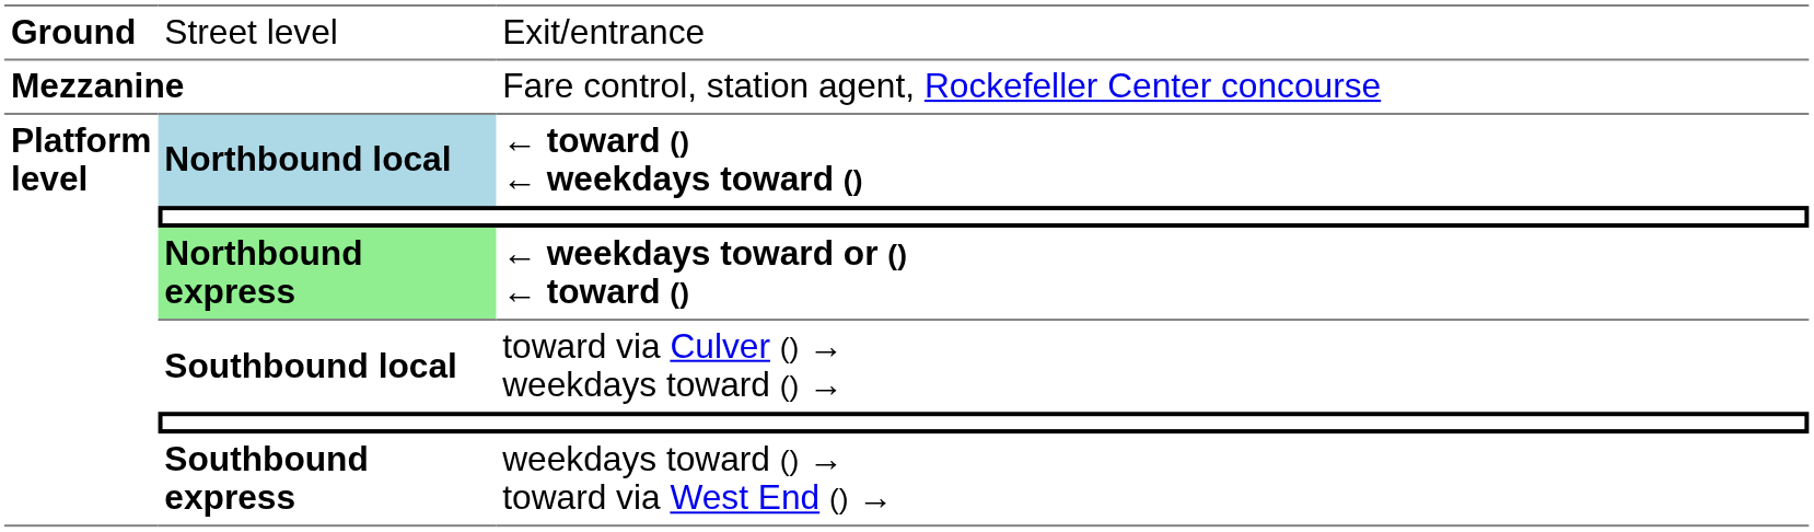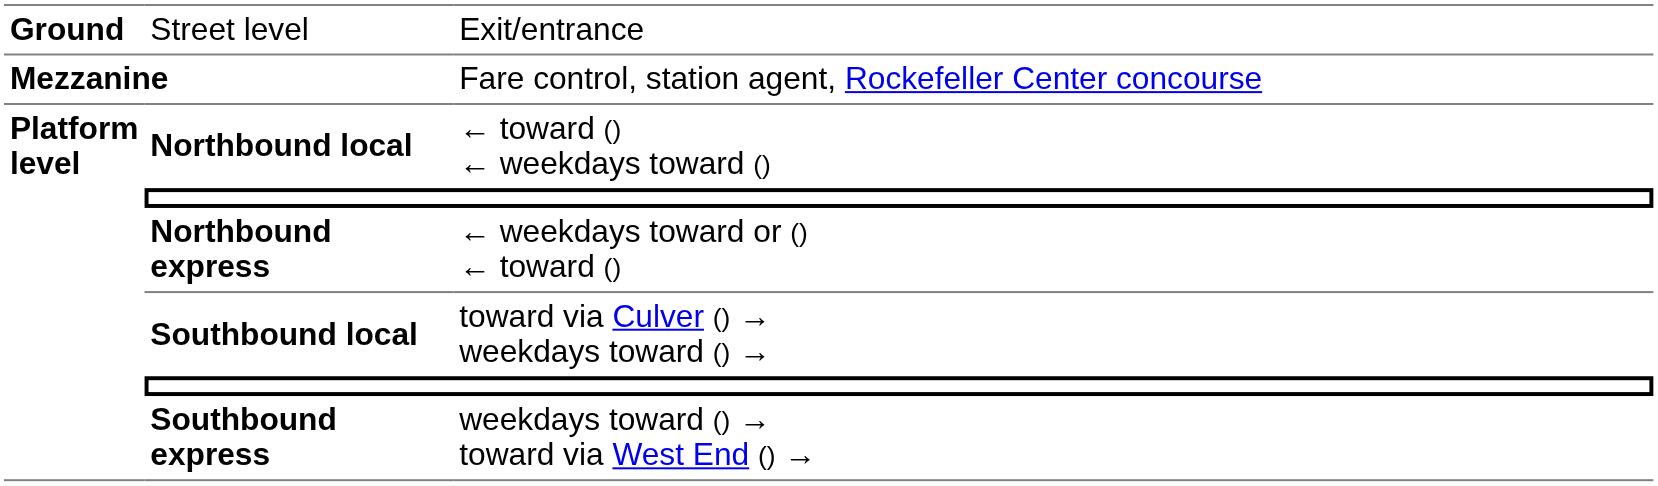 <table border=0 cellspacing=0 cellpadding=3>
 <tr>
 <td style="border-top:solid 1px gray;" width=50><strong>Ground</strong></td>
 <td style="border-top:solid 1px gray;" width=150>Street level</td>
 <td style="border-top:solid 1px gray;" width=600>Exit/entrance</td>
 </tr>
 <tr>
 <td style="border-top:solid 1px gray;" colspan=2><strong>Mezzanine</strong></td>
 <td style="border-top:solid 1px gray;">Fare control, station agent, <a href='#'>Rockefeller Center concourse</a><br></td>
 </tr>
 <tr>
 <td style="border-top:solid 1px gray;border-bottom:solid 1px gray;" rowspan=6 valign=top><strong>Platform<br>level</strong></td>
-<td style="background: lightblue; border-top:solid 1px gray;"><span><strong>Northbound local</strong></span></td>
-<td style="border-top:solid 1px gray;"><strong>←  toward  <small>()</small><br>←  weekdays toward  <small>()</small></strong></td>
+<td style="border-top:solid 1px gray;"><span><strong>Northbound local</strong></span></td>
+<td style="border-top:solid 1px gray;">←  toward  <small>()</small><br>←  weekdays toward  <small>()</small></td>
 </tr>
 <tr>
 <td style="border: 2px solid black; border-image: none; text-align: center;" colspan="2"></td>
 </tr>
 <tr>
-<td style="background: lightgreen;"><span><strong>Northbound express</strong></span></td>
-<td><strong>←  weekdays toward  or  <small>()</small><br>←  toward  <small>()</small></strong></td>
+<td><span><strong>Northbound express</strong></span></td>
+<td>←  weekdays toward  or  <small>()</small><br>←  toward  <small>()</small></td>
 </tr>
 <tr>
 <td style="border-top:solid 1px gray;"><span><strong>Southbound local</strong></span></td>
 <td style="border-top:solid 1px gray;">  toward  via <a href='#'>Culver</a> <small>()</small> →<br>  weekdays toward  <small>()</small> →</td>
 </tr>
 <tr>
 <td style="border: 2px solid black; border-image: none; text-align: center;" colspan="2"></td>
 </tr>
 <tr>
 <td style="border-bottom:solid 1px gray;"><span><strong>Southbound express</strong></span></td>
 <td style="border-bottom:solid 1px gray;">  weekdays toward  <small>()</small> →<br>  toward  via <a href='#'>West End</a> <small>()</small> →</td>
 </tr>
 </table>
